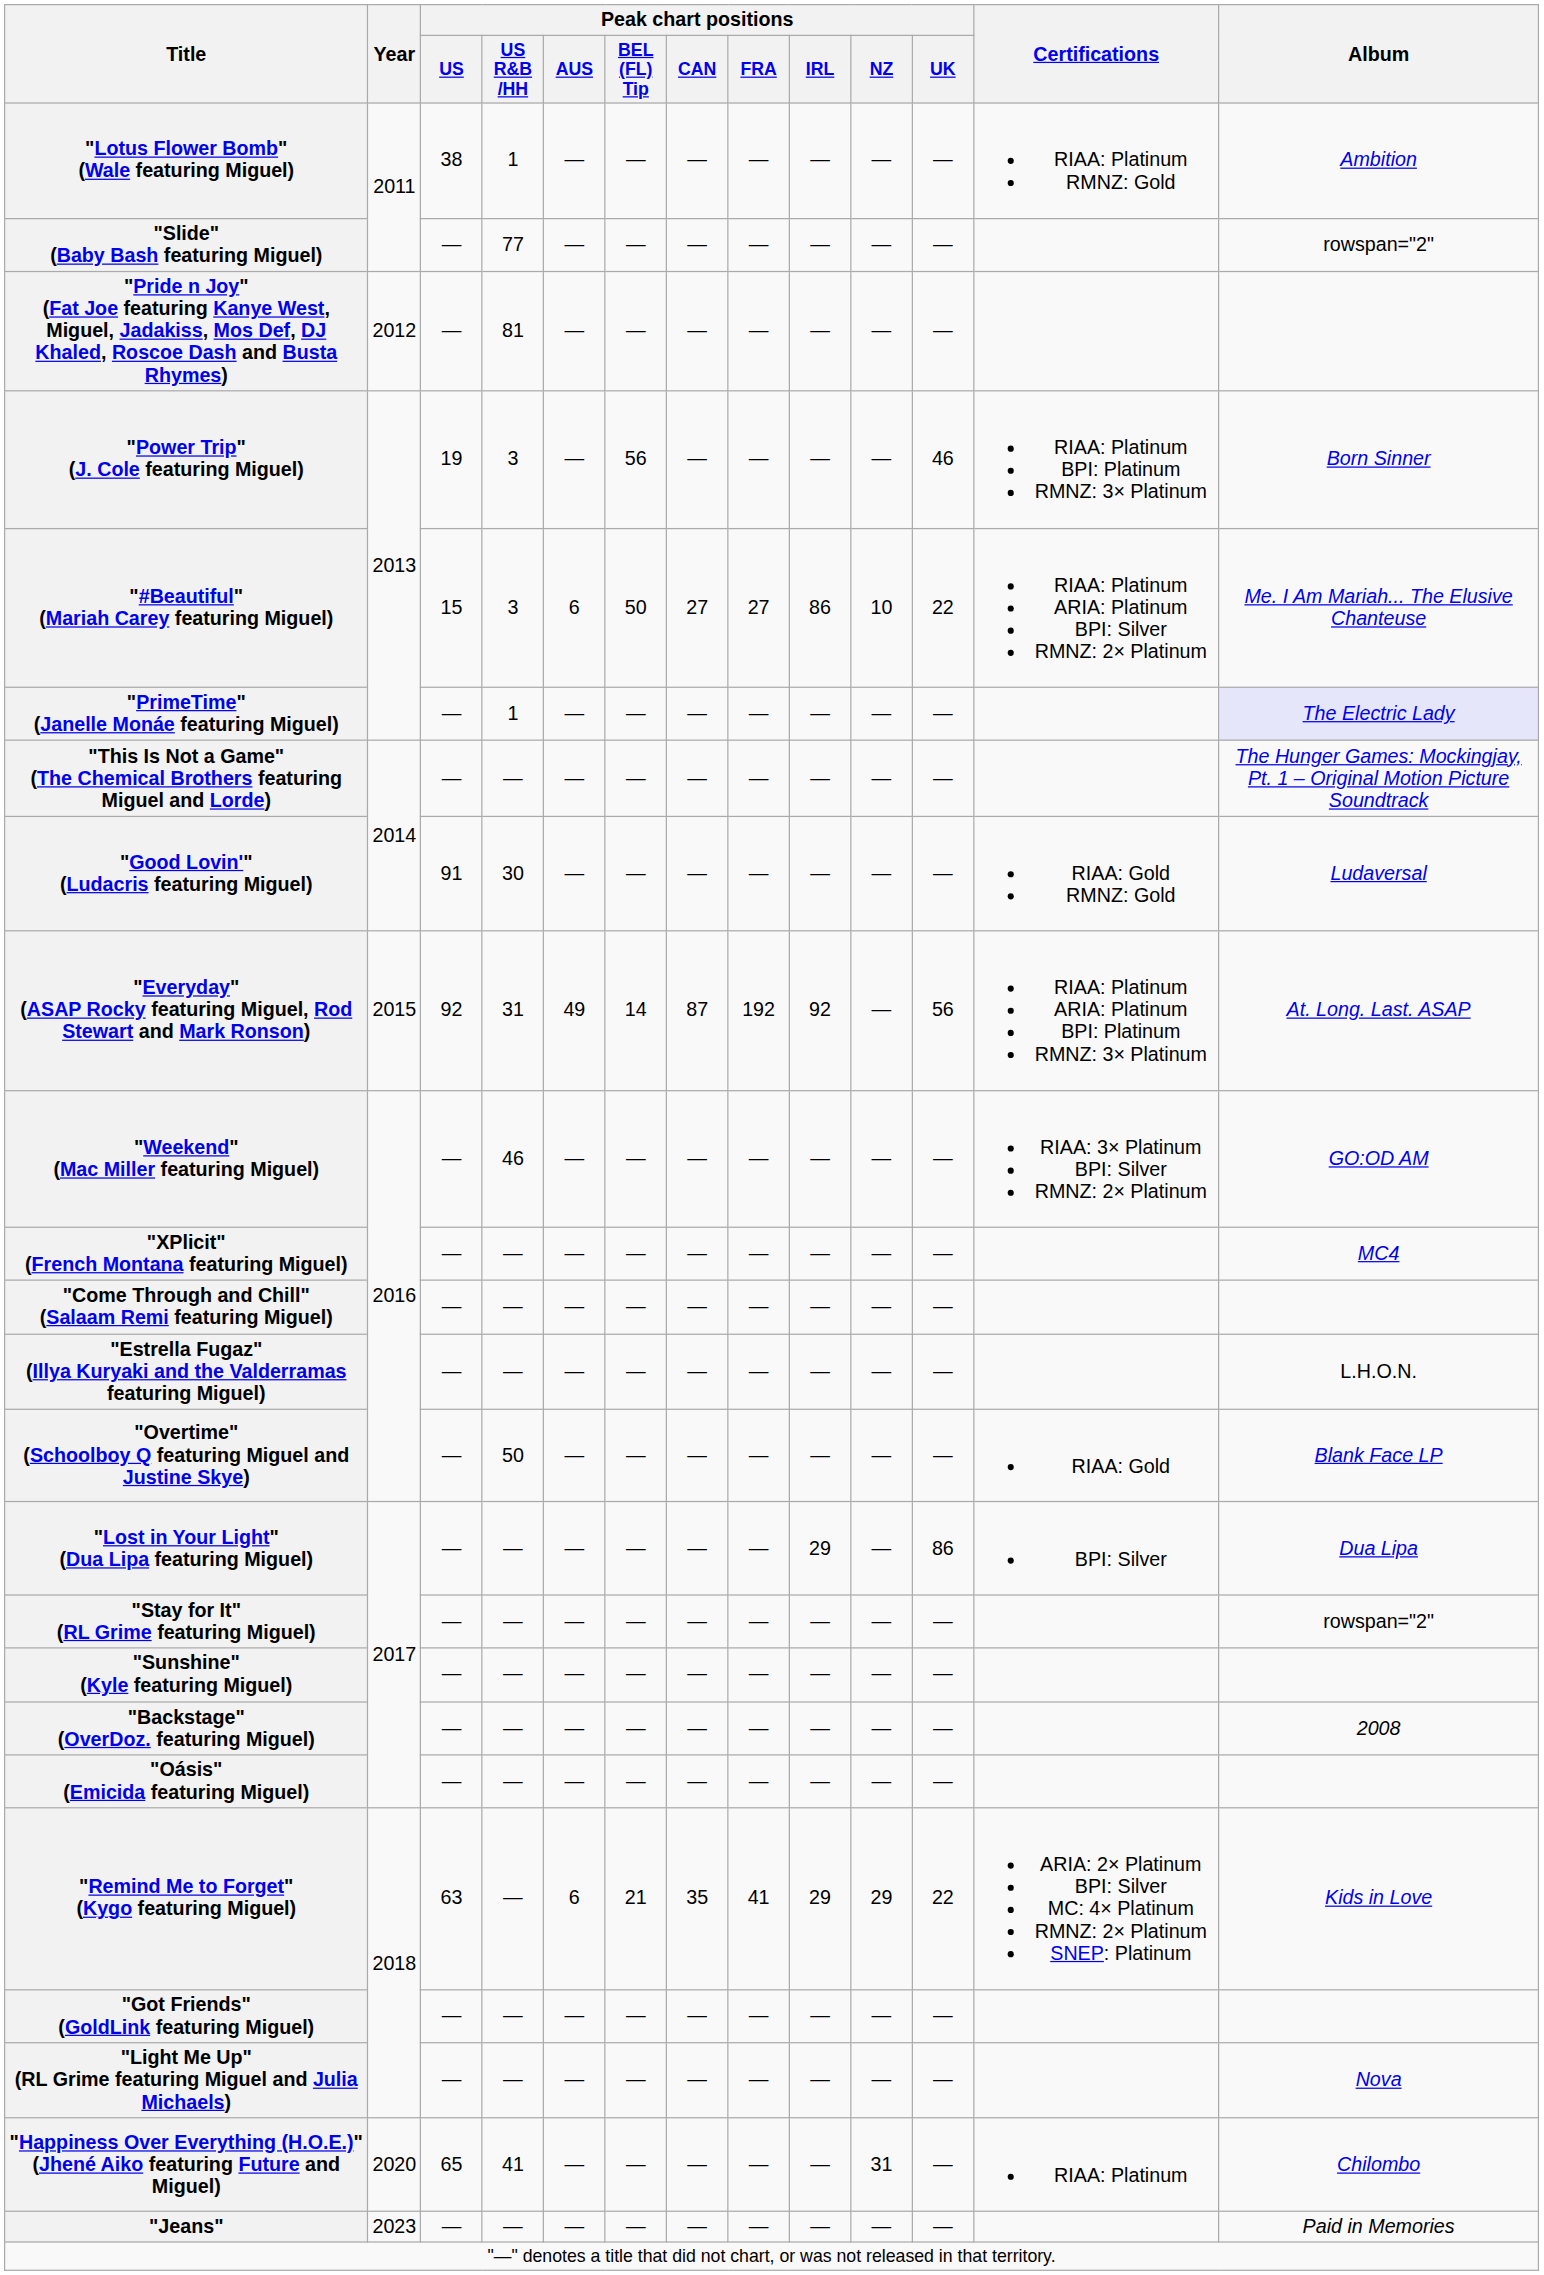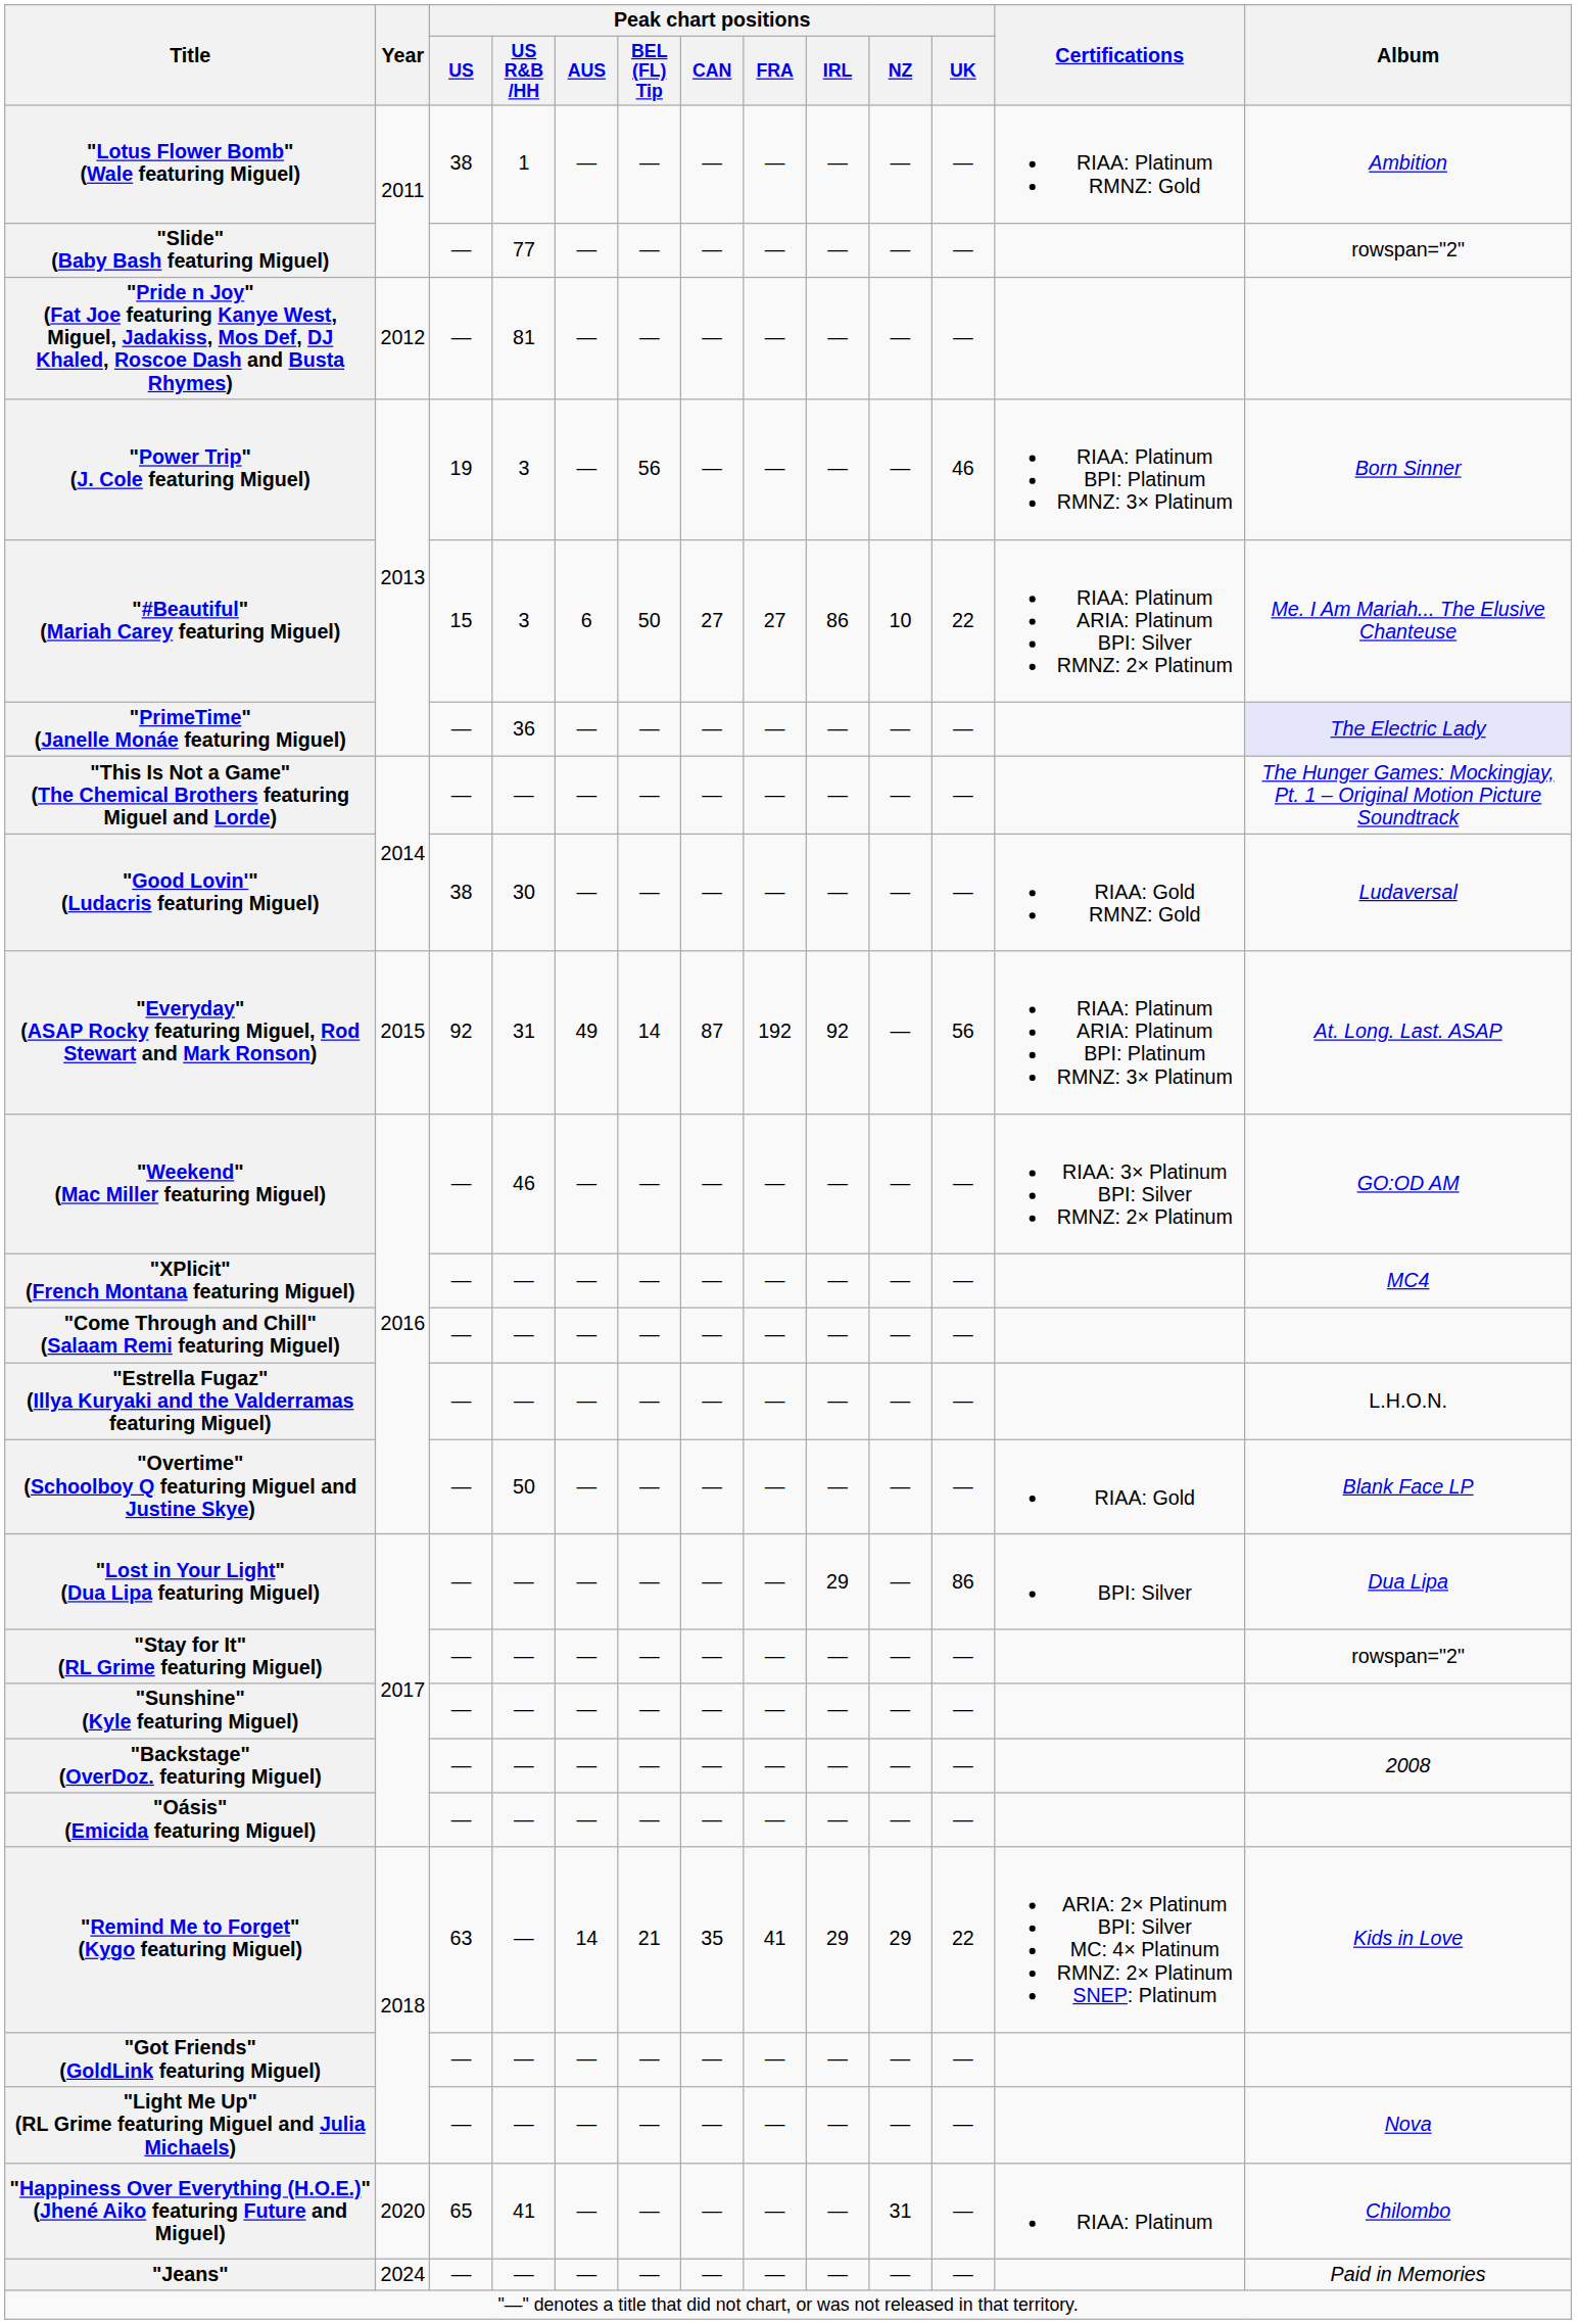 <table class="wikitable plainrowheaders" style="text-align:center;">
 <tr>
 <th scope="col" rowspan="2" style="width:18em;">Title</th>
 <th scope="col" rowspan="2">Year</th>
 <th scope="col" colspan="9">Peak chart positions</th>
 <th scope="col" rowspan="2" style="width:12em;"><a href='#'>Certifications</a></th>
 <th scope="col" rowspan="2">Album</th>
 </tr>
 <tr>
 <th style="width:3em;font-size:90%;"><a href='#'>US</a><br></th>
 <th style="width:3em;font-size:90%;"><a href='#'>US<br>R&B<br>/HH</a><br></th>
 <th style="width:3em;font-size:90%;"><a href='#'>AUS</a><br></th>
 <th style="width:3em;font-size:90%;"><a href='#'>BEL<br>(FL)<br>Tip</a><br></th>
 <th style="width:3em;font-size:90%;"><a href='#'>CAN</a><br></th>
 <th style="width:3em;font-size:90%;"><a href='#'>FRA</a><br></th>
 <th style="width:3em;font-size:90%;"><a href='#'>IRL</a><br></th>
 <th style="width:3em;font-size:90%;"><a href='#'>NZ</a><br></th>
 <th style="width:3em;font-size:90%;"><a href='#'>UK</a><br></th>
 </tr>
 <tr>
 <th scope="row">"<a href='#'>Lotus Flower Bomb</a>"<br><span>(<a href='#'>Wale</a> featuring Miguel)</span></th>
 <td rowspan="2">2011</td>
 <td>38</td>
 <td>1</td>
 <td>—</td>
 <td>—</td>
 <td>—</td>
 <td>—</td>
 <td>—</td>
 <td>—</td>
 <td>—</td>
 <td><br><ul><li>RIAA: Platinum</li><li>RMNZ: Gold</li></ul></td>
 <td><em><a href='#'>Ambition</a></em></td>
 </tr>
 <tr>
 <th scope="row">"Slide"<br><span>(<a href='#'>Baby Bash</a> featuring Miguel)</span></th>
 <td>—</td>
 <td>77</td>
 <td>—</td>
 <td>—</td>
 <td>—</td>
 <td>—</td>
 <td>—</td>
 <td>—</td>
 <td>—</td>
 <td></td>
 <td>rowspan="2" </td>
 </tr>
 <tr>
 <th scope="row">"<a href='#'>Pride n Joy</a>"<br><span>(<a href='#'>Fat Joe</a> featuring <a href='#'>Kanye West</a>, Miguel, <a href='#'>Jadakiss</a>, <a href='#'>Mos Def</a>, <a href='#'>DJ Khaled</a>, <a href='#'>Roscoe Dash</a> and <a href='#'>Busta Rhymes</a>)</span></th>
 <td>2012</td>
 <td>—</td>
 <td>81</td>
 <td>—</td>
 <td>—</td>
 <td>—</td>
 <td>—</td>
 <td>—</td>
 <td>—</td>
 <td>—</td>
 <td></td>
 </tr>
 <tr>
 <th scope="row">"<a href='#'>Power Trip</a>"<br><span>(<a href='#'>J. Cole</a> featuring Miguel)</span></th>
 <td rowspan="3">2013</td>
 <td>19</td>
 <td>3</td>
 <td>—</td>
 <td>56</td>
 <td>—</td>
 <td>—</td>
 <td>—</td>
 <td>—</td>
 <td>46</td>
 <td><br><ul><li>RIAA: Platinum</li><li>BPI: Platinum</li><li>RMNZ: 3× Platinum</li></ul></td>
 <td><em><a href='#'>Born Sinner</a></em></td>
 </tr>
 <tr>
 <th scope="row">"<a href='#'>#Beautiful</a>"<br><span>(<a href='#'>Mariah Carey</a> featuring Miguel)</span></th>
 <td>15</td>
 <td>3</td>
 <td>6</td>
 <td>50</td>
 <td>27</td>
 <td>27</td>
 <td>86</td>
 <td>10</td>
 <td>22</td>
 <td><br><ul><li>RIAA: Platinum</li><li>ARIA: Platinum</li><li>BPI: Silver</li><li>RMNZ: 2× Platinum</li></ul></td>
 <td><em><a href='#'>Me. I Am Mariah... The Elusive Chanteuse</a></em></td>
 </tr>
 <tr>
 <th scope="row">"<a href='#'>PrimeTime</a>"<br><span>(<a href='#'>Janelle Monáe</a> featuring Miguel)</span></th>
 <td>—</td>
-<td>1</td>
+<td>36</td>
 <td>—</td>
 <td>—</td>
 <td>—</td>
 <td>—</td>
 <td>—</td>
 <td>—</td>
 <td>—</td>
 <td></td>
 <td style="background: lavender;"><em><a href='#'>The Electric Lady</a></em></td>
 </tr>
 <tr>
 <th scope="row">"This Is Not a Game"<br><span>(<a href='#'>The Chemical Brothers</a> featuring Miguel and <a href='#'>Lorde</a>)</span></th>
 <td rowspan="2">2014</td>
 <td>—</td>
 <td>—</td>
 <td>—</td>
 <td>—</td>
 <td>—</td>
 <td>—</td>
 <td>—</td>
 <td>—</td>
 <td>—</td>
 <td></td>
 <td><em><a href='#'>The Hunger Games: Mockingjay, Pt. 1 – Original Motion Picture Soundtrack</a></em></td>
 </tr>
 <tr>
 <th scope="row">"<a href='#'>Good Lovin'</a>"<br><span>(<a href='#'>Ludacris</a> featuring Miguel)</span></th>
-<td>91</td>
+<td>38</td>
 <td>30</td>
 <td>—</td>
 <td>—</td>
 <td>—</td>
 <td>—</td>
 <td>—</td>
 <td>—</td>
 <td>—</td>
 <td><br><ul><li>RIAA: Gold</li><li>RMNZ: Gold</li></ul></td>
 <td><em><a href='#'>Ludaversal</a></em></td>
 </tr>
 <tr>
 <th scope="row">"<a href='#'>Everyday</a>"<br><span>(<a href='#'>ASAP Rocky</a> featuring Miguel, <a href='#'>Rod Stewart</a> and <a href='#'>Mark Ronson</a>)</span></th>
 <td>2015</td>
 <td>92</td>
 <td>31</td>
 <td>49</td>
 <td>14</td>
 <td>87</td>
 <td>192</td>
 <td>92</td>
 <td>—</td>
 <td>56</td>
 <td><br><ul><li>RIAA: Platinum</li><li>ARIA: Platinum</li><li>BPI: Platinum</li><li>RMNZ: 3× Platinum</li></ul></td>
 <td><em><a href='#'>At. Long. Last. ASAP</a></em></td>
 </tr>
 <tr>
 <th scope="row">"<a href='#'>Weekend</a>"<br><span>(<a href='#'>Mac Miller</a> featuring Miguel)</span></th>
 <td rowspan="5">2016</td>
 <td>—</td>
 <td>46</td>
 <td>—</td>
 <td>—</td>
 <td>—</td>
 <td>—</td>
 <td>—</td>
 <td>—</td>
 <td>—</td>
 <td><br><ul><li>RIAA: 3× Platinum</li><li>BPI: Silver</li><li>RMNZ: 2× Platinum</li></ul></td>
 <td><em><a href='#'>GO:OD AM</a></em></td>
 </tr>
 <tr>
 <th scope="row">"XPlicit"<br><span>(<a href='#'>French Montana</a> featuring Miguel)</span></th>
 <td>—</td>
 <td>—</td>
 <td>—</td>
 <td>—</td>
 <td>—</td>
 <td>—</td>
 <td>—</td>
 <td>—</td>
 <td>—</td>
 <td></td>
 <td><em><a href='#'>MC4</a></em></td>
 </tr>
 <tr>
 <th scope="row">"Come Through and Chill"<br><span>(<a href='#'>Salaam Remi</a> featuring Miguel)</span></th>
 <td>—</td>
 <td>—</td>
 <td>—</td>
 <td>—</td>
 <td>—</td>
 <td>—</td>
 <td>—</td>
 <td>—</td>
 <td>—</td>
 <td></td>
 <td></td>
 </tr>
 <tr>
 <th scope="row">"Estrella Fugaz"<br><span>(<a href='#'>Illya Kuryaki and the Valderramas</a> featuring Miguel)</span></th>
 <td>—</td>
 <td>—</td>
 <td>—</td>
 <td>—</td>
 <td>—</td>
 <td>—</td>
 <td>—</td>
 <td>—</td>
 <td>—</td>
 <td></td>
 <td>L.H.O.N.</td>
 </tr>
 <tr>
 <th scope="row">"Overtime"<br><span>(<a href='#'>Schoolboy Q</a> featuring Miguel and <a href='#'>Justine Skye</a>)</span></th>
 <td>—</td>
 <td>50</td>
 <td>—</td>
 <td>—</td>
 <td>—</td>
 <td>—</td>
 <td>—</td>
 <td>—</td>
 <td>—</td>
 <td><br><ul><li>RIAA: Gold</li></ul></td>
 <td><em><a href='#'>Blank Face LP</a></em></td>
 </tr>
 <tr>
 <th scope="row">"<a href='#'>Lost in Your Light</a>"<br><span>(<a href='#'>Dua Lipa</a> featuring Miguel)</span></th>
 <td rowspan="5">2017</td>
 <td>—</td>
 <td>—</td>
 <td>—</td>
 <td>—</td>
 <td>—</td>
 <td>—</td>
 <td>29<br></td>
 <td>—</td>
 <td>86</td>
 <td><br><ul><li>BPI: Silver</li></ul></td>
 <td><em><a href='#'>Dua Lipa</a></em></td>
 </tr>
 <tr>
 <th scope="row">"Stay for It"<br><span>(<a href='#'>RL Grime</a> featuring Miguel)</span></th>
 <td>—</td>
 <td>—</td>
 <td>—</td>
 <td>—</td>
 <td>—</td>
 <td>—</td>
 <td>—</td>
 <td>—</td>
 <td>—</td>
 <td></td>
 <td>rowspan="2" </td>
 </tr>
 <tr>
 <th scope="row">"Sunshine"<br><span>(<a href='#'>Kyle</a> featuring Miguel)</span></th>
 <td>—</td>
 <td>—</td>
 <td>—</td>
 <td>—</td>
 <td>—</td>
 <td>—</td>
 <td>—</td>
 <td>—</td>
 <td>—</td>
 <td></td>
 </tr>
 <tr>
 <th scope="row">"Backstage"<br><span>(<a href='#'>OverDoz.</a> featuring Miguel)</span></th>
 <td>—</td>
 <td>—</td>
 <td>—</td>
 <td>—</td>
 <td>—</td>
 <td>—</td>
 <td>—</td>
 <td>—</td>
 <td>—</td>
 <td></td>
 <td><em>2008</em></td>
 </tr>
 <tr>
 <th scope="row">"Oásis"<br><span>(<a href='#'>Emicida</a> featuring Miguel)</span></th>
 <td>—</td>
 <td>—</td>
 <td>—</td>
 <td>—</td>
 <td>—</td>
 <td>—</td>
 <td>—</td>
 <td>—</td>
 <td>—</td>
 <td></td>
 <td></td>
 </tr>
 <tr>
 <th scope="row">"<a href='#'>Remind Me to Forget</a>"<br><span>(<a href='#'>Kygo</a> featuring Miguel)</span></th>
 <td rowspan="3">2018</td>
 <td>63</td>
 <td>—</td>
-<td>6</td>
+<td>14</td>
 <td>21</td>
 <td>35</td>
 <td>41</td>
 <td>29<br></td>
 <td>29<br></td>
 <td>22</td>
 <td><br><ul><li>ARIA: 2× Platinum</li><li>BPI: Silver</li><li>MC: 4× Platinum</li><li>RMNZ: 2× Platinum</li><li><a href='#'>SNEP</a>: Platinum</li></ul></td>
 <td><em><a href='#'>Kids in Love</a></em></td>
 </tr>
 <tr>
 <th scope="row">"Got Friends"<br><span>(<a href='#'>GoldLink</a> featuring Miguel)</span></th>
 <td>—</td>
 <td>—</td>
 <td>—</td>
 <td>—</td>
 <td>—</td>
 <td>—</td>
 <td>—</td>
 <td>—</td>
 <td>—</td>
 <td></td>
 <td></td>
 </tr>
 <tr>
 <th scope="row">"Light Me Up"<br><span>(RL Grime featuring Miguel and <a href='#'>Julia Michaels</a>)</span></th>
 <td>—</td>
 <td>—</td>
 <td>—</td>
 <td>—</td>
 <td>—</td>
 <td>—</td>
 <td>—</td>
 <td>—</td>
 <td>—</td>
 <td></td>
 <td><em><a href='#'>Nova</a></em></td>
 </tr>
 <tr>
 <th scope="row">"<a href='#'>Happiness Over Everything (H.O.E.)</a>"<br><span>(<a href='#'>Jhené Aiko</a> featuring <a href='#'>Future</a> and Miguel)</span></th>
 <td>2020</td>
 <td>65</td>
 <td>41</td>
 <td>—</td>
 <td>—</td>
 <td>—</td>
 <td>—</td>
 <td>—</td>
 <td>31</td>
 <td>—</td>
 <td><br><ul><li>RIAA: Platinum</li></ul></td>
 <td><em><a href='#'>Chilombo</a></em></td>
 </tr>
 <tr>
 <th scope="row">"Jeans"<br></th>
-<td>2023</td>
+<td>2024</td>
 <td>—</td>
 <td>—</td>
 <td>—</td>
 <td>—</td>
 <td>—</td>
 <td>—</td>
 <td>—</td>
 <td>—</td>
 <td>—</td>
 <td></td>
 <td><em>Paid in Memories</em></td>
 </tr>
 <tr>
 <td colspan="14" style="font-size:90%">"—" denotes a title that did not chart, or was not released in that territory.</td>
 </tr>
 </table>
